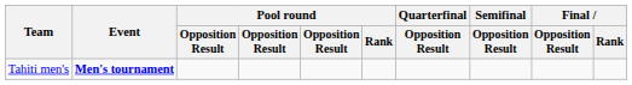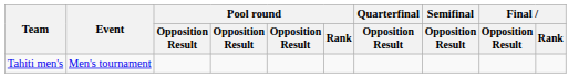 <table class=wikitable style=font-size:90%;text-align:center>
 <tr>
 <th rowspan=2>Team</th>
 <th rowspan=2>Event</th>
 <th colspan=4>Pool round</th>
 <th>Quarterfinal</th>
 <th>Semifinal</th>
 <th colspan=2>Final / </th>
 </tr>
 <tr style=font-size:95%>
 <th>Opposition<br>Result</th>
 <th>Opposition<br>Result</th>
 <th>Opposition<br>Result</th>
 <th>Rank</th>
 <th>Opposition<br>Result</th>
 <th>Opposition<br>Result</th>
 <th>Opposition<br>Result</th>
 <th>Rank</th>
 </tr>
 <tr>
 <td align=left><a href='#'>Tahiti men's</a></td>
-<td align=left><strong><a href='#'>Men's tournament</a></strong></td>
+<td align=left><a href='#'>Men's tournament</a></td>
 <td><br></td>
 <td><br></td>
 <td><br></td>
 <td></td>
 <td></td>
 <td></td>
 <td></td>
 <td></td>
 </tr>
 </table>
